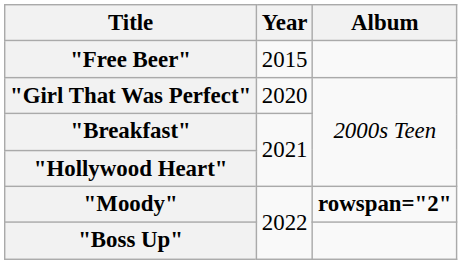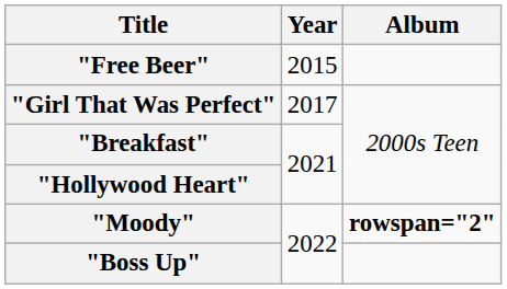 <table class="wikitable plainrowheaders" style="text-align:center;">
 <tr>
 <th scope="col">Title</th>
 <th scope="col">Year</th>
 <th scope="col">Album</th>
 </tr>
 <tr>
 <th scope="row">"Free Beer"</th>
 <td>2015</td>
 <td></td>
 </tr>
 <tr>
 <th scope="row">"Girl That Was Perfect"</th>
-<td>2020</td>
+<td>2017</td>
 <td rowspan="3"><em>2000s Teen</em></td>
 </tr>
 <tr>
 <th scope="row">"Breakfast"</th>
 <td rowspan="2">2021</td>
 </tr>
 <tr>
 <th scope="row">"Hollywood Heart"</th>
 </tr>
 <tr>
 <th scope="row">"Moody"</th>
 <td rowspan="2">2022</td>
 <td><strong>rowspan="2"  </strong></td>
 </tr>
 <tr>
 <th scope="row">"Boss Up"</th>
 </tr>
 </table>
